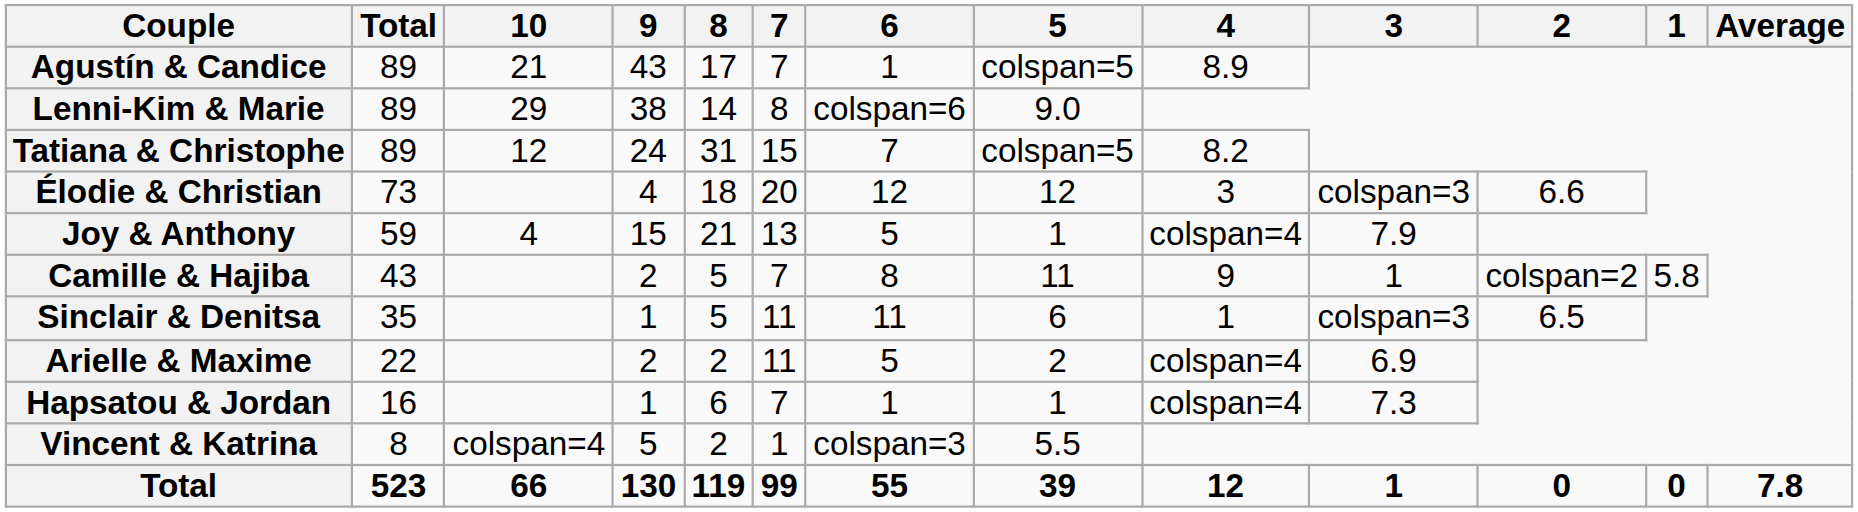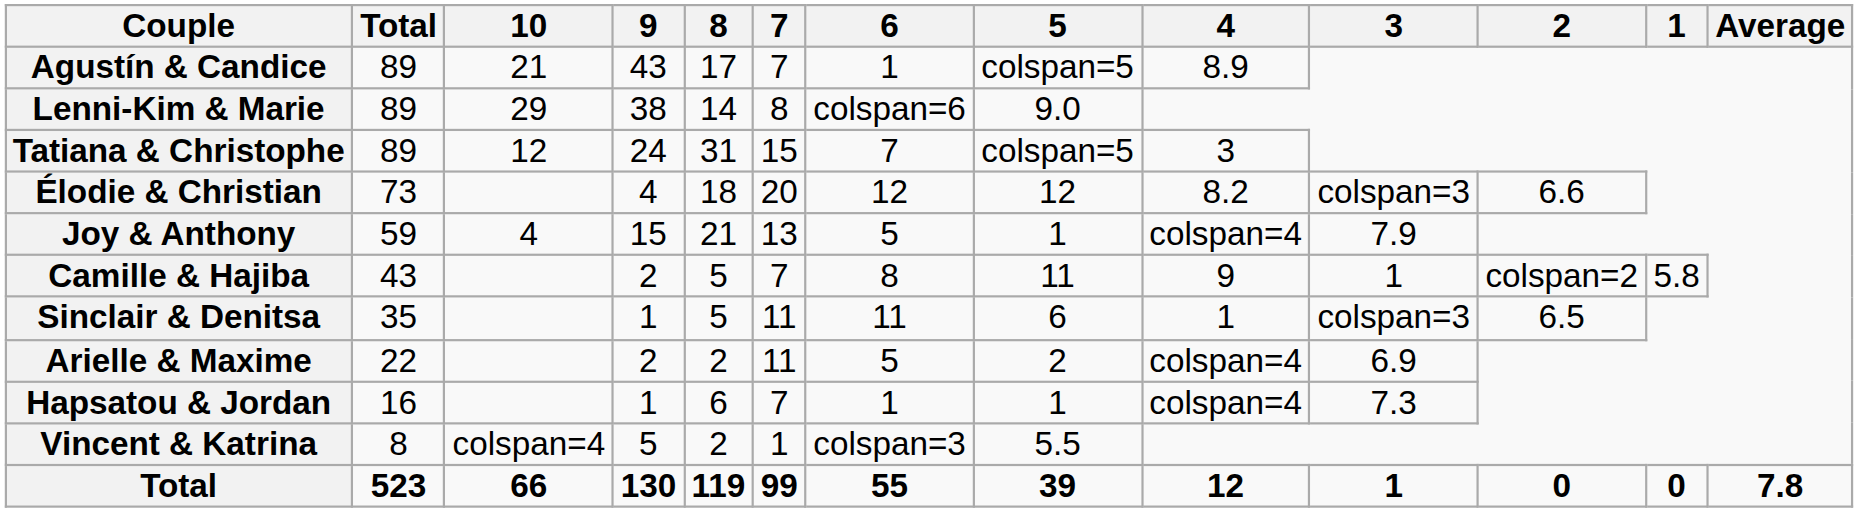 <table class="wikitable sortable collapsible" style="margin:auto; font-size:95%; line-height:12px; text-align:center">
 <tr>
 <th>Couple</th>
 <th>Total</th>
 <th>10</th>
 <th>9</th>
 <th>8</th>
 <th>7</th>
 <th>6</th>
 <th>5</th>
 <th>4</th>
 <th>3</th>
 <th>2</th>
 <th>1</th>
 <th>Average</th>
 </tr>
 <tr>
 <th>Agustín & Candice</th>
 <td>89</td>
 <td>21</td>
 <td>43</td>
 <td>17</td>
 <td>7</td>
 <td>1</td>
 <td>colspan=5 </td>
 <td>8.9</td>
 </tr>
 <tr>
 <th>Lenni-Kim & Marie</th>
 <td>89</td>
 <td>29</td>
 <td>38</td>
 <td>14</td>
 <td>8</td>
 <td>colspan=6 </td>
 <td>9.0</td>
 </tr>
 <tr>
 <th>Tatiana & Christophe</th>
 <td>89</td>
 <td>12</td>
 <td>24</td>
 <td>31</td>
 <td>15</td>
 <td>7</td>
 <td>colspan=5 </td>
-<td>8.2</td>
+<td>3</td>
 </tr>
 <tr>
 <th>Élodie & Christian</th>
 <td>73</td>
 <td></td>
 <td>4</td>
 <td>18</td>
 <td>20</td>
 <td>12</td>
 <td>12</td>
-<td>3</td>
+<td>8.2</td>
 <td>colspan=3 </td>
 <td>6.6</td>
 </tr>
 <tr>
 <th>Joy & Anthony</th>
 <td>59</td>
 <td>4</td>
 <td>15</td>
 <td>21</td>
 <td>13</td>
 <td>5</td>
 <td>1</td>
 <td>colspan=4 </td>
 <td>7.9</td>
 </tr>
 <tr>
 <th>Camille & Hajiba</th>
 <td>43</td>
 <td></td>
 <td>2</td>
 <td>5</td>
 <td>7</td>
 <td>8</td>
 <td>11</td>
 <td>9</td>
 <td>1</td>
 <td>colspan=2 </td>
 <td>5.8</td>
 </tr>
 <tr>
 <th>Sinclair & Denitsa</th>
 <td>35</td>
 <td></td>
 <td>1</td>
 <td>5</td>
 <td>11</td>
 <td>11</td>
 <td>6</td>
 <td>1</td>
 <td>colspan=3 </td>
 <td>6.5</td>
 </tr>
 <tr>
 <th>Arielle & Maxime</th>
 <td>22</td>
 <td></td>
 <td>2</td>
 <td>2</td>
 <td>11</td>
 <td>5</td>
 <td>2</td>
 <td>colspan=4 </td>
 <td>6.9</td>
 </tr>
 <tr>
 <th>Hapsatou & Jordan</th>
 <td>16</td>
 <td></td>
 <td>1</td>
 <td>6</td>
 <td>7</td>
 <td>1</td>
 <td>1</td>
 <td>colspan=4 </td>
 <td>7.3</td>
 </tr>
 <tr>
 <th>Vincent & Katrina</th>
 <td>8</td>
 <td>colspan=4 </td>
 <td>5</td>
 <td>2</td>
 <td>1</td>
 <td>colspan=3 </td>
 <td>5.5</td>
 </tr>
 <tr>
 <th>Total</th>
 <td><strong>523</strong></td>
 <td><strong>66</strong></td>
 <td><strong>130</strong></td>
 <td><strong>119</strong></td>
 <td><strong>99</strong></td>
 <td><strong>55</strong></td>
 <td><strong>39</strong></td>
 <td><strong>12</strong></td>
 <td><strong>1</strong></td>
 <td><strong>0</strong></td>
 <td><strong>0</strong></td>
 <td><strong>7.8</strong></td>
 </tr>
 </table>
